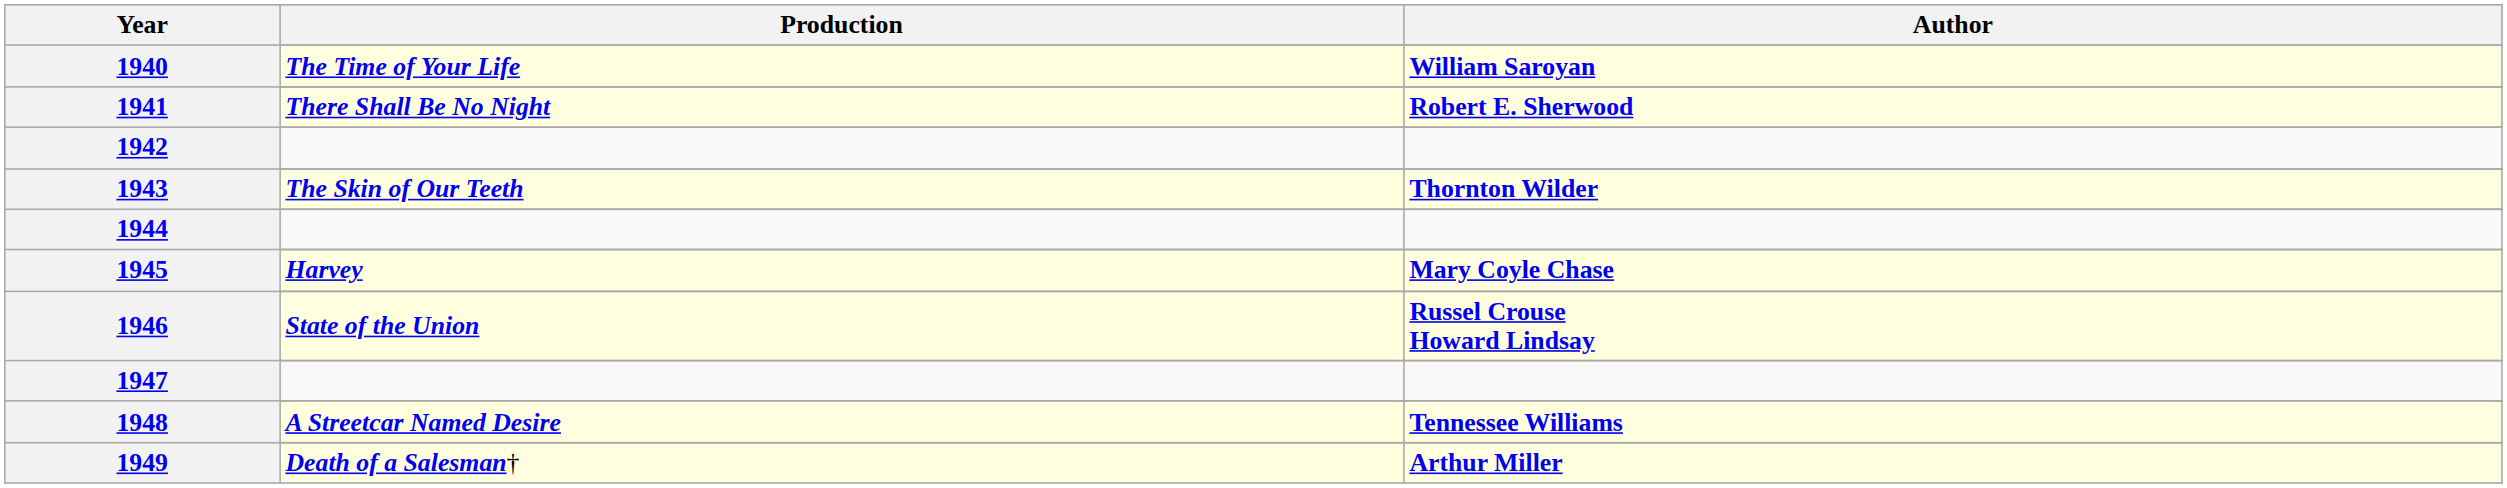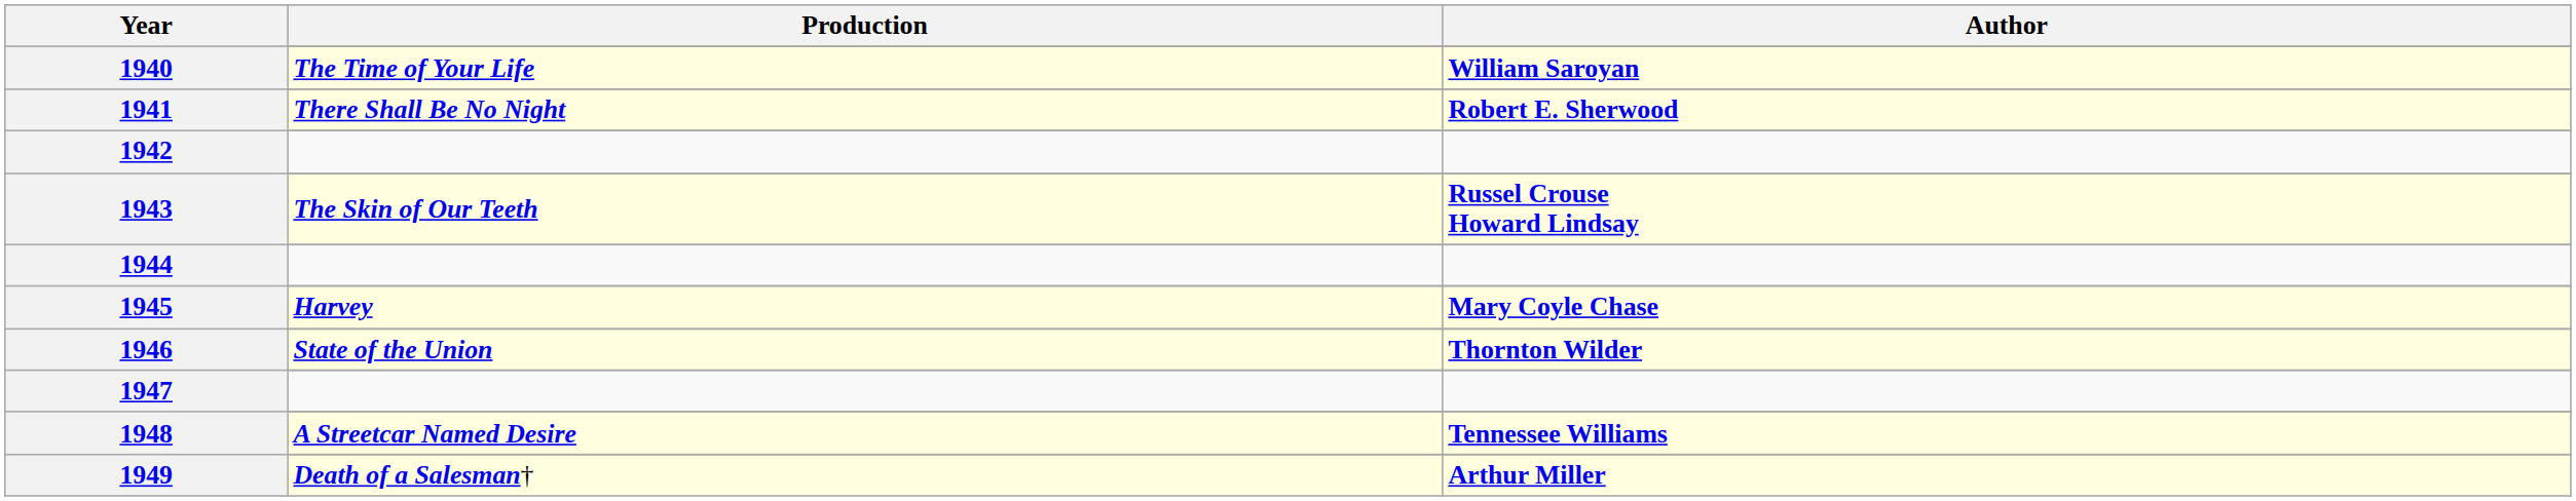 <table class="wikitable" style="width:98%">
 <tr style="background:#bebebe;">
 <th style="width:11%;">Year</th>
 <th style="width:45%;">Production</th>
 <th style="width:44%;">Author</th>
 </tr>
 <tr>
 <th rowspan="2" style="text-align:center"><strong><a href='#'>1940</a></strong></th>
 </tr>
 <tr style="background-color:lightyellow;">
 <td><strong><em><a href='#'>The Time of Your Life</a></em></strong></td>
 <td><strong><a href='#'>William Saroyan</a></strong></td>
 </tr>
 <tr>
 <th rowspan="2" style="text-align:center"><strong><a href='#'>1941</a></strong></th>
 </tr>
 <tr style="background-color:lightyellow;">
 <td><strong><em><a href='#'>There Shall Be No Night</a></em></strong></td>
 <td><strong><a href='#'>Robert E. Sherwood</a></strong></td>
 </tr>
 <tr>
 <th rowspan="2" style="text-align:center"><strong><a href='#'>1942</a></strong></th>
 </tr>
 <tr style="background:">
 <td></td>
 <td></td>
 </tr>
 <tr>
 <th rowspan="2" style="text-align:center"><strong><a href='#'>1943</a></strong></th>
 </tr>
 <tr style="background-color:lightyellow;">
 <td><strong><em><a href='#'>The Skin of Our Teeth</a></em></strong></td>
-<td><strong><a href='#'>Thornton Wilder</a></strong></td>
+<td><strong><a href='#'>Russel Crouse</a> <br> <a href='#'>Howard Lindsay</a></strong></td>
 </tr>
 <tr>
 <th rowspan="2" style="text-align:center"><strong><a href='#'>1944</a></strong></th>
 </tr>
 <tr style="background:">
 <td></td>
 <td></td>
 </tr>
 <tr>
 <th rowspan="2" style="text-align:center"><strong><a href='#'>1945</a></strong></th>
 </tr>
 <tr style="background-color:lightyellow;">
 <td><strong><em><a href='#'>Harvey</a></em></strong></td>
 <td><strong><a href='#'>Mary Coyle Chase</a></strong></td>
 </tr>
 <tr>
 <th rowspan="2" style="text-align:center"><strong><a href='#'>1946</a></strong></th>
 </tr>
 <tr style="background-color:lightyellow;">
 <td><strong><em><a href='#'>State of the Union</a></em></strong></td>
-<td><strong><a href='#'>Russel Crouse</a> <br> <a href='#'>Howard Lindsay</a></strong></td>
+<td><strong><a href='#'>Thornton Wilder</a></strong></td>
 </tr>
 <tr>
 <th rowspan="2" style="text-align:center"><strong><a href='#'>1947</a></strong></th>
 </tr>
 <tr style="background:">
 <td></td>
 <td></td>
 </tr>
 <tr>
 <th rowspan="2" style="text-align:center"><strong><a href='#'>1948</a></strong></th>
 </tr>
 <tr style="background-color:lightyellow;">
 <td><strong><em><a href='#'>A Streetcar Named Desire</a></em></strong></td>
 <td><strong><a href='#'>Tennessee Williams</a></strong></td>
 </tr>
 <tr>
 <th rowspan="2" style="text-align:center"><strong><a href='#'>1949</a></strong></th>
 </tr>
 <tr style="background-color:lightyellow;">
 <td><strong><em><a href='#'>Death of a Salesman</a></em></strong>†</td>
 <td><strong><a href='#'>Arthur Miller</a></strong></td>
 </tr>
 </table>
